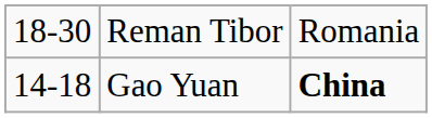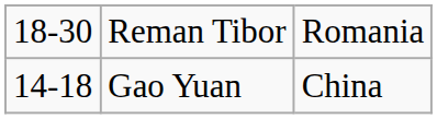 <table class="wikitable">
 <tr>
 <td>18-30</td>
 <td>Reman Tibor</td>
 <td>Romania</td>
 </tr>
 <tr>
 <td>14-18</td>
 <td>Gao Yuan</td>
-<td><strong>China</strong></td>
+<td>China</td>
 </tr>
 </table>
